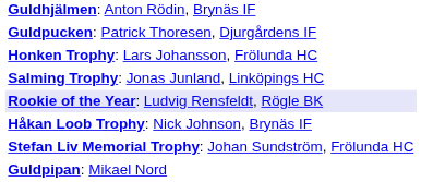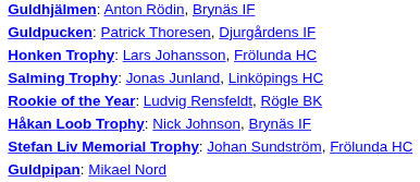 <table cellpadding="3" cellspacing="1">
 <tr>
 <td><strong><a href='#'>Guldhjälmen</a></strong>: <a href='#'>Anton Rödin</a>, <a href='#'>Brynäs IF</a></td>
 </tr>
 <tr>
 <td><strong><a href='#'>Guldpucken</a></strong>: <a href='#'>Patrick Thoresen</a>, <a href='#'>Djurgårdens IF</a></td>
 </tr>
 <tr>
 <td><strong><a href='#'>Honken Trophy</a></strong>: <a href='#'>Lars Johansson</a>, <a href='#'>Frölunda HC</a></td>
 </tr>
 <tr>
 <td><strong><a href='#'>Salming Trophy</a></strong>: <a href='#'>Jonas Junland</a>, <a href='#'>Linköpings HC</a></td>
 </tr>
 <tr>
-<td style="background: lavender;"><strong><a href='#'>Rookie of the Year</a></strong>: <a href='#'>Ludvig Rensfeldt</a>, <a href='#'>Rögle BK</a></td>
+<td><strong><a href='#'>Rookie of the Year</a></strong>: <a href='#'>Ludvig Rensfeldt</a>, <a href='#'>Rögle BK</a></td>
 </tr>
 <tr>
 <td><strong><a href='#'>Håkan Loob Trophy</a></strong>: <a href='#'>Nick Johnson</a>, <a href='#'>Brynäs IF</a></td>
 </tr>
 <tr>
 <td><strong><a href='#'>Stefan Liv Memorial Trophy</a></strong>: <a href='#'>Johan Sundström</a>, <a href='#'>Frölunda HC</a></td>
 </tr>
 <tr>
 <td><strong><a href='#'>Guldpipan</a></strong>: <a href='#'>Mikael Nord</a></td>
 </tr>
 </table>
